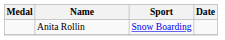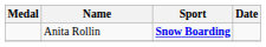 <table class="wikitable sortable">
 <tr>
 <th>Medal</th>
 <th width=150px>Name</th>
 <th>Sport</th>
 <th>Date</th>
 </tr>
 <tr>
 <td></td>
 <td>Anita Rollin</td>
-<td><a href='#'>Snow Boarding</a></td>
+<td><strong><a href='#'>Snow Boarding</a></strong></td>
 <td></td>
 </tr>
 <tr>
 </tr>
 </table>
